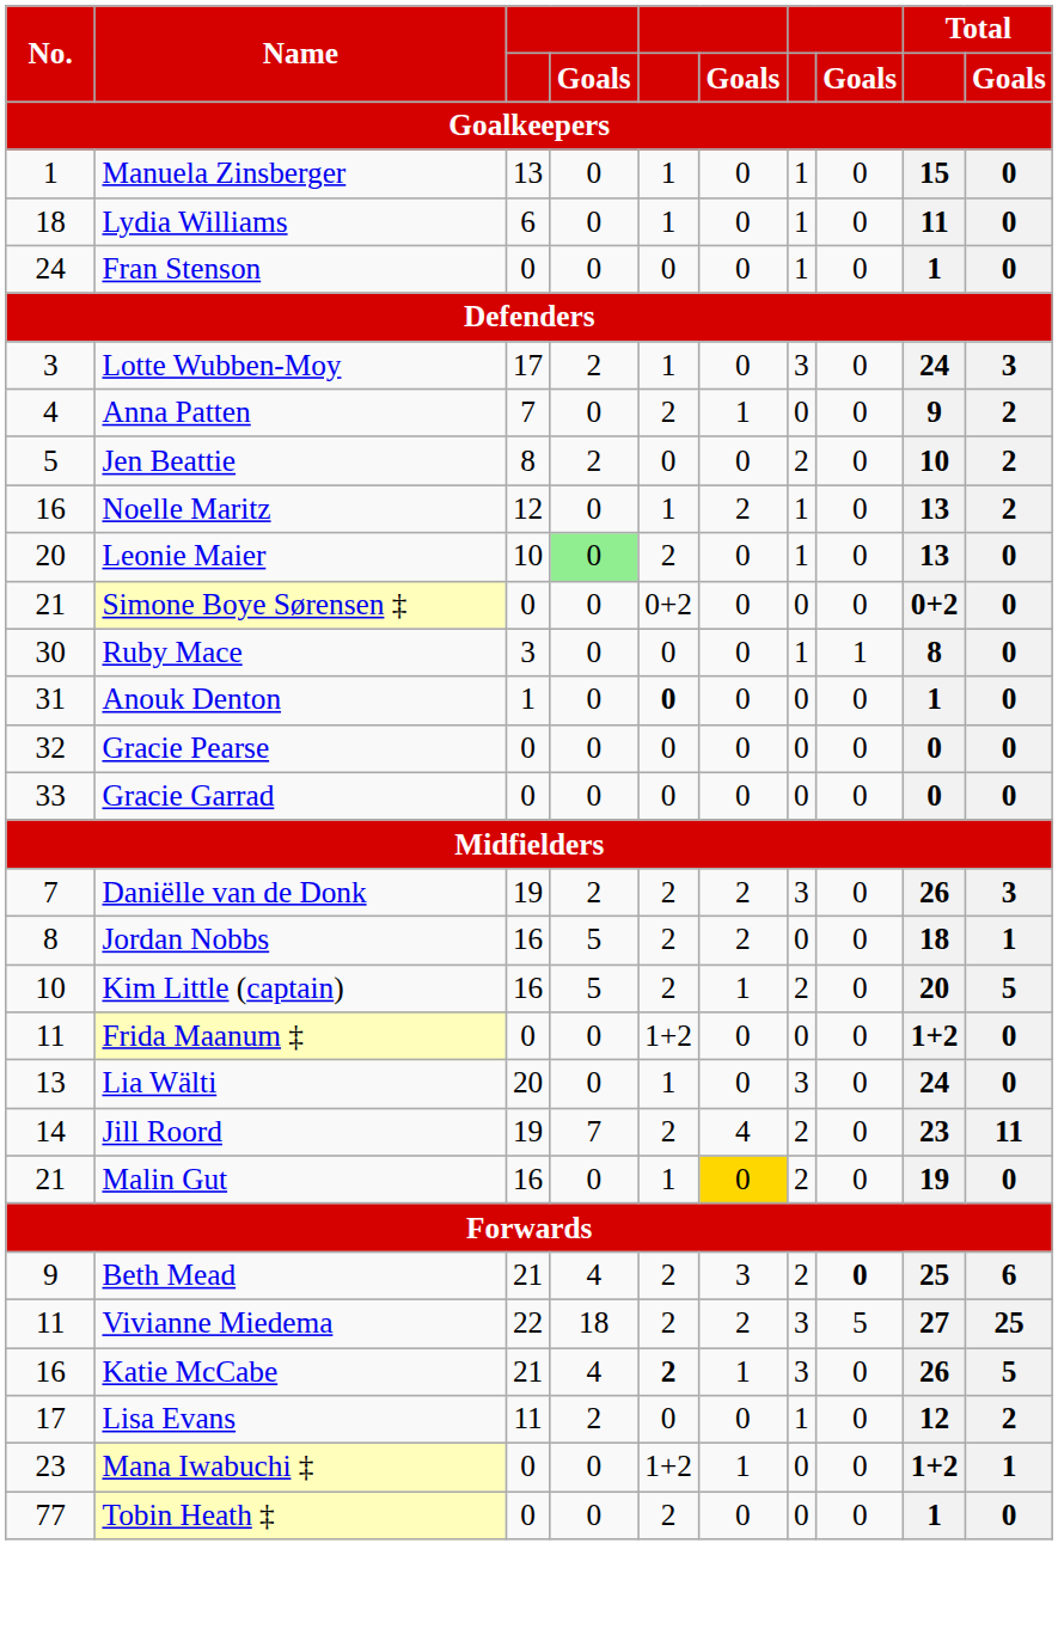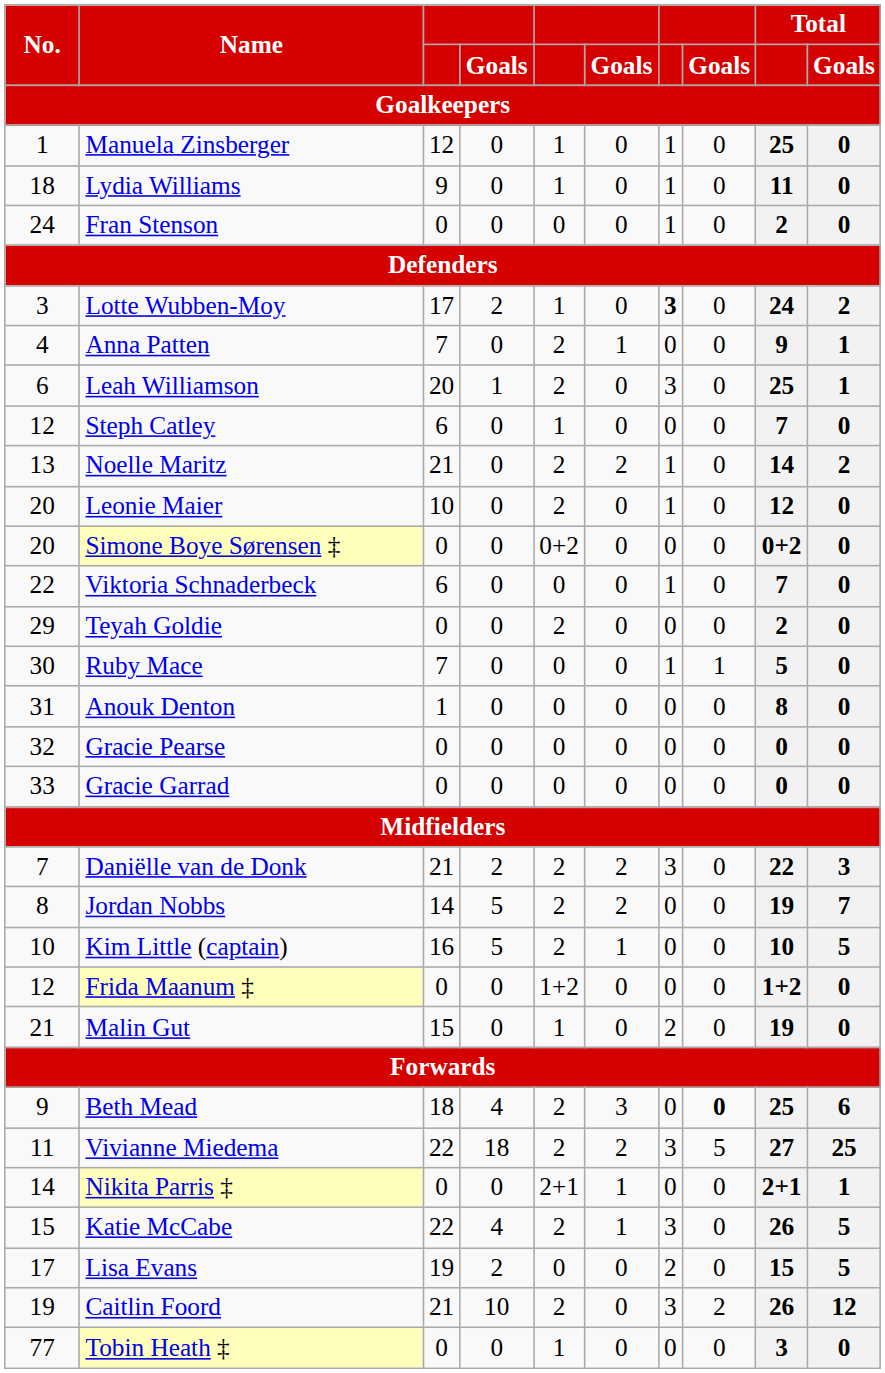 <table class="wikitable" style="text-align:center; font-size:100%; ">
 <tr>
 <th rowspan="2" style="background:#d50000; color:white; text-align:center; width:40px">No.</th>
 <th rowspan="2" style="background:#d50000; color:white; text-align:center;width:210px">Name</th>
 <th colspan="2" style="background:#d50000; color:white; text-align:center;"><a href='#'></a></th>
 <th colspan="2" style="background:#d50000; color:white; text-align:center;"><a href='#'></a></th>
 <th colspan="2" style="background:#d50000; color:white; text-align:center;"><a href='#'></a></th>
 <th colspan="2" style="background:#d50000; color:white; text-align:center;">Total</th>
 </tr>
 <tr>
 <th style="background:#d50000; color:white; text-align:center;width=50px"></th>
 <th style="background:#d50000; color:white; text-align:center;width=50px">Goals</th>
 <th style="background:#d50000; color:white; text-align:center;width=50px"></th>
 <th style="background:#d50000; color:white; text-align:center;width=50px">Goals</th>
 <th style="background:#d50000; color:white; text-align:center;width=50px"></th>
 <th style="background:#d50000; color:white; text-align:center;width=50px">Goals</th>
 <th style="background:#d50000; color:white; text-align:center;width=50px"></th>
 <th style="background:#d50000; color:white; text-align:center;width=50px">Goals</th>
 </tr>
 <tr>
 <th colspan="10" style="background:#d50000; color:white; text-align:center">Goalkeepers</th>
 </tr>
 <tr>
 <td>1</td>
 <td style="text-align: left"> <a href='#'>Manuela Zinsberger</a></td>
-<td>13</td>
+<td>12</td>
 <td>0</td>
 <td>1</td>
 <td>0</td>
 <td>1</td>
 <td>0</td>
-<th>15</th>
+<th>25</th>
 <th>0</th>
 </tr>
 <tr>
 <td>18</td>
 <td style="text-align: left"> <a href='#'>Lydia Williams</a></td>
-<td>6</td>
+<td>9</td>
 <td>0</td>
 <td>1</td>
 <td>0</td>
 <td>1</td>
 <td>0</td>
 <th>11</th>
 <th>0</th>
 </tr>
 <tr>
 <td>24</td>
 <td style="text-align: left"> <a href='#'>Fran Stenson</a></td>
 <td>0</td>
 <td>0</td>
 <td>0</td>
 <td>0</td>
 <td>1</td>
 <td>0</td>
-<th>1</th>
+<th>2</th>
 <th>0</th>
 </tr>
 <tr>
 <th colspan="10" style="background:#d50000; color:white; text-align:center">Defenders</th>
 </tr>
 <tr>
 <td>3</td>
 <td style="text-align: left"> <a href='#'>Lotte Wubben-Moy</a></td>
 <td>17</td>
 <td>2</td>
 <td>1</td>
 <td>0</td>
-<td>3</td>
+<td><strong>3</strong></td>
 <td>0</td>
 <th>24</th>
-<th>3</th>
+<th>2</th>
 </tr>
 <tr>
 <td>4</td>
 <td style="text-align: left"> <a href='#'>Anna Patten</a></td>
 <td>7</td>
 <td>0</td>
 <td>2</td>
 <td>1</td>
 <td>0</td>
 <td>0</td>
 <th>9</th>
-<th>2</th>
+<th>1</th>
 </tr>
 <tr>
-<td>5</td>
-<td style="text-align: left"> <a href='#'>Jen Beattie</a></td>
-<td>8</td>
+<td>6</td>
+<td style="text-align: left"> <a href='#'>Leah Williamson</a></td>
+<td>20</td>
+<td>1</td>
 <td>2</td>
 <td>0</td>
+<td>3</td>
+<td>0</td>
+<th>25</th>
+<th>1</th>
+</tr>
+<tr>
+<td>12</td>
+<td style="text-align: left"> <a href='#'>Steph Catley</a></td>
+<td>6</td>
+<td>0</td>
+<td>1</td>
+<td>0</td>
+<td>0</td>
+<td>0</td>
+<th>7</th>
+<th>0</th>
+</tr>
+<tr>
+<td>13</td>
+<td style="text-align: left"> <a href='#'>Noelle Maritz</a></td>
+<td>21</td>
 <td>0</td>
 <td>2</td>
-<td>0</td>
-<th>10</th>
-<th>2</th>
-</tr>
-<tr>
-<td>16</td>
-<td style="text-align: left"> <a href='#'>Noelle Maritz</a></td>
-<td>12</td>
-<td>0</td>
-<td>1</td>
 <td>2</td>
 <td>1</td>
 <td>0</td>
-<th>13</th>
+<th>14</th>
 <th>2</th>
 </tr>
 <tr>
 <td>20</td>
 <td style="text-align: left"> <a href='#'>Leonie Maier</a></td>
 <td>10</td>
-<td style="background: lightgreen;">0</td>
+<td>0</td>
 <td>2</td>
 <td>0</td>
 <td>1</td>
 <td>0</td>
-<th>13</th>
+<th>12</th>
 <th>0</th>
 </tr>
 <tr>
-<td>21</td>
+<td>20</td>
 <td style="background:#ffb; text-align: left"> <a href='#'>Simone Boye Sørensen</a> ‡</td>
 <td>0</td>
 <td>0</td>
 <td>0+2</td>
 <td>0</td>
 <td>0</td>
 <td>0</td>
 <th>0+2</th>
 <th>0</th>
 </tr>
 <tr>
+<td>22</td>
+<td style="text-align: left"> <a href='#'>Viktoria Schnaderbeck</a></td>
+<td>6</td>
+<td>0</td>
+<td>0</td>
+<td>0</td>
+<td>1</td>
+<td>0</td>
+<th>7</th>
+<th>0</th>
+</tr>
+<tr>
+<td>29</td>
+<td style="text-align: left"> <a href='#'>Teyah Goldie</a></td>
+<td>0</td>
+<td>0</td>
+<td>2</td>
+<td>0</td>
+<td>0</td>
+<td>0</td>
+<th>2</th>
+<th>0</th>
+</tr>
+<tr>
 <td>30</td>
 <td style="text-align: left"> <a href='#'>Ruby Mace</a></td>
-<td>3</td>
+<td>7</td>
 <td>0</td>
 <td>0</td>
 <td>0</td>
 <td>1</td>
 <td>1</td>
-<th>8</th>
+<th>5</th>
 <th>0</th>
 </tr>
 <tr>
 <td>31</td>
 <td style="text-align: left"> <a href='#'>Anouk Denton</a></td>
 <td>1</td>
 <td>0</td>
-<td><strong>0</strong></td>
 <td>0</td>
 <td>0</td>
 <td>0</td>
-<th>1</th>
+<td>0</td>
+<th>8</th>
 <th>0</th>
 </tr>
 <tr>
 <td>32</td>
 <td style="text-align: left"> <a href='#'>Gracie Pearse</a></td>
 <td>0</td>
 <td>0</td>
 <td>0</td>
 <td>0</td>
 <td>0</td>
 <td>0</td>
 <th>0</th>
 <th>0</th>
 </tr>
 <tr>
 <td>33</td>
 <td style="text-align: left"> <a href='#'>Gracie Garrad</a></td>
 <td>0</td>
 <td>0</td>
 <td>0</td>
 <td>0</td>
 <td>0</td>
 <td>0</td>
 <th>0</th>
 <th>0</th>
 </tr>
 <tr>
 <th colspan="10" style="background:#d50000; color:white; text-align:center">Midfielders</th>
 </tr>
 <tr>
 <td>7</td>
 <td style="text-align: left"> <a href='#'>Daniëlle van de Donk</a></td>
-<td>19</td>
+<td>21</td>
 <td>2</td>
 <td>2</td>
 <td>2</td>
 <td>3</td>
 <td>0</td>
-<th>26</th>
+<th>22</th>
 <th>3</th>
 </tr>
 <tr>
 <td>8</td>
 <td style="text-align: left"> <a href='#'>Jordan Nobbs</a></td>
-<td>16</td>
+<td>14</td>
 <td>5</td>
 <td>2</td>
 <td>2</td>
 <td>0</td>
 <td>0</td>
-<th>18</th>
-<th>1</th>
+<th>19</th>
+<th>7</th>
 </tr>
 <tr>
 <td>10</td>
 <td style="text-align: left"> <a href='#'>Kim Little</a> (<a href='#'>captain</a>)</td>
 <td>16</td>
 <td>5</td>
 <td>2</td>
 <td>1</td>
-<td>2</td>
 <td>0</td>
-<th>20</th>
+<td>0</td>
+<th>10</th>
 <th>5</th>
 </tr>
 <tr>
-<td>11</td>
+<td>12</td>
 <td style="background:#ffb; text-align: left"> <a href='#'>Frida Maanum</a> ‡</td>
 <td>0</td>
 <td>0</td>
 <td>1+2</td>
 <td>0</td>
 <td>0</td>
 <td>0</td>
 <th>1+2</th>
 <th>0</th>
 </tr>
 <tr>
-<td>13</td>
-<td style="text-align: left"> <a href='#'>Lia Wälti</a></td>
-<td>20</td>
+<td>21</td>
+<td style="text-align: left"> <a href='#'>Malin Gut</a></td>
+<td>15</td>
 <td>0</td>
 <td>1</td>
 <td>0</td>
-<td>3</td>
-<td>0</td>
-<th>24</th>
-<th>0</th>
-</tr>
-<tr>
-<td>14</td>
-<td style="text-align: left"> <a href='#'>Jill Roord</a></td>
-<td>19</td>
-<td>7</td>
-<td>2</td>
-<td>4</td>
-<td>2</td>
-<td>0</td>
-<th>23</th>
-<th>11</th>
-</tr>
-<tr>
-<td>21</td>
-<td style="text-align: left"> <a href='#'>Malin Gut</a></td>
-<td>16</td>
-<td>0</td>
-<td>1</td>
-<td style="background: gold;">0</td>
 <td>2</td>
 <td>0</td>
 <th>19</th>
 <th>0</th>
 </tr>
 <tr>
 <th colspan="10" style="background:#d50000; color:white; text-align:center">Forwards</th>
 </tr>
 <tr>
 <td>9</td>
 <td style="text-align: left"> <a href='#'>Beth Mead</a></td>
-<td>21</td>
+<td>18</td>
 <td>4</td>
 <td>2</td>
 <td>3</td>
-<td>2</td>
+<td>0</td>
 <td><strong>0</strong></td>
 <th>25</th>
 <th>6</th>
 </tr>
 <tr>
 <td>11</td>
 <td style="text-align: left"> <a href='#'>Vivianne Miedema</a></td>
 <td>22</td>
 <td>18</td>
 <td>2</td>
 <td>2</td>
 <td>3</td>
 <td>5</td>
 <th>27</th>
 <th>25</th>
 </tr>
 <tr>
-<td>16</td>
+<td>14</td>
+<td style="background:#ffb; text-align: left"> <a href='#'>Nikita Parris</a> ‡</td>
+<td>0</td>
+<td>0</td>
+<td>2+1</td>
+<td>1</td>
+<td>0</td>
+<td>0</td>
+<th>2+1</th>
+<th>1</th>
+</tr>
+<tr>
+<td>15</td>
 <td style="text-align: left"> <a href='#'>Katie McCabe</a></td>
-<td>21</td>
+<td>22</td>
 <td>4</td>
-<td><strong>2</strong></td>
+<td>2</td>
 <td>1</td>
 <td>3</td>
 <td>0</td>
 <th>26</th>
 <th>5</th>
 </tr>
 <tr>
 <td>17</td>
 <td style="text-align: left"> <a href='#'>Lisa Evans</a></td>
-<td>11</td>
+<td>19</td>
 <td>2</td>
 <td>0</td>
 <td>0</td>
-<td>1</td>
+<td>2</td>
 <td>0</td>
-<th>12</th>
-<th>2</th>
+<th>15</th>
+<th>5</th>
 </tr>
 <tr>
-<td>23</td>
-<td style="background:#ffb; text-align: left"> <a href='#'>Mana Iwabuchi</a> ‡</td>
+<td>19</td>
+<td style="text-align: left"> <a href='#'>Caitlin Foord</a></td>
+<td>21</td>
+<td>10</td>
+<td>2</td>
 <td>0</td>
-<td>0</td>
-<td>1+2</td>
-<td>1</td>
-<td>0</td>
-<td>0</td>
-<th>1+2</th>
-<th>1</th>
+<td>3</td>
+<td>2</td>
+<th>26</th>
+<th>12</th>
 </tr>
 <tr>
 <td>77</td>
 <td style="background:#ffb; text-align: left"> <a href='#'>Tobin Heath</a> ‡</td>
 <td>0</td>
 <td>0</td>
-<td>2</td>
+<td>1</td>
 <td>0</td>
 <td>0</td>
 <td>0</td>
-<th>1</th>
+<th>3</th>
 <th>0</th>
 </tr>
 </table>
